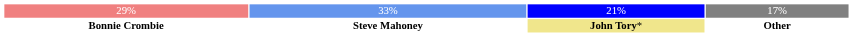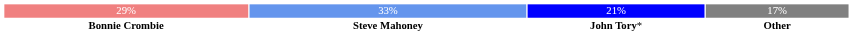 <table style="width:100%; text-align:center;">
 <tr style="color:white;">
 <td style="background:lightcoral; width:29%;">29%</td>
 <td style="background:cornflowerblue; width:33%;">33%</td>
 <td style="background:blue; width:21%;">21%</td>
 <td style="background:gray; width:17%;">17%</td>
 </tr>
 <tr>
 <td><span><strong>Bonnie Crombie</strong></span></td>
 <td><span><strong>Steve Mahoney</strong></span></td>
-<td style="background: khaki;"><span><strong>John Tory</strong>*</span></td>
+<td><span><strong>John Tory</strong>*</span></td>
 <td><span><strong>Other</strong></span></td>
 </tr>
 </table>
